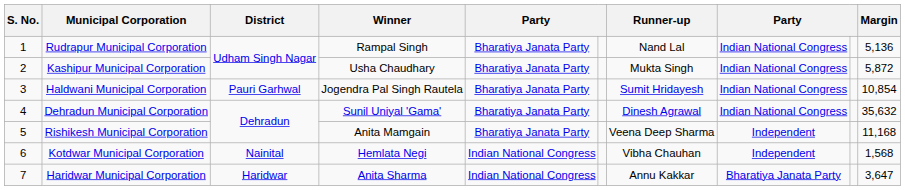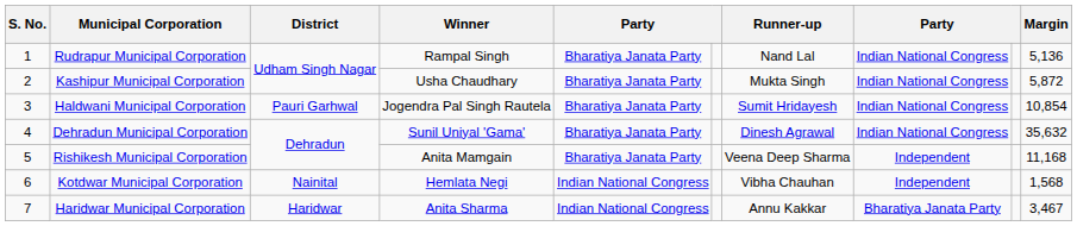 <table class="wikitable sortable">
 <tr style="text-align:center; height:45px;">
 <th scope="col">S. No.</th>
 <th>Municipal Corporation</th>
 <th>District</th>
 <th>Winner</th>
 <th colspan=2>Party</th>
 <th>Runner-up</th>
 <th colspan=2>Party</th>
 <th>Margin</th>
 </tr>
 <tr style="text-align:center; height:30px;">
 <td>1</td>
 <td><a href='#'>Rudrapur Municipal Corporation</a></td>
 <td rowspan="2"><a href='#'>Udham Singh Nagar</a></td>
 <td>Rampal Singh</td>
 <td><a href='#'>Bharatiya Janata Party</a></td>
 <td width="4px" style="background-color: "></td>
 <td>Nand Lal</td>
 <td><a href='#'>Indian National Congress</a></td>
 <td width="4px" style="background-color: "></td>
 <td>5,136</td>
 </tr>
 <tr style="text-align:center; height:30px;">
 <td>2</td>
 <td><a href='#'>Kashipur Municipal Corporation</a></td>
 <td>Usha Chaudhary</td>
 <td><a href='#'>Bharatiya Janata Party</a></td>
 <td width="4px" style="background-color: "></td>
 <td>Mukta Singh</td>
 <td><a href='#'>Indian National Congress</a></td>
 <td width="4px" style="background-color: "></td>
 <td>5,872</td>
 </tr>
 <tr style="text-align:center; height:30px;">
 <td>3</td>
 <td><a href='#'>Haldwani Municipal Corporation</a></td>
 <td><a href='#'>Pauri Garhwal</a></td>
 <td>Jogendra Pal Singh Rautela</td>
 <td><a href='#'>Bharatiya Janata Party</a></td>
 <td width="4px" style="background-color: "></td>
 <td><a href='#'>Sumit Hridayesh</a></td>
 <td><a href='#'>Indian National Congress</a></td>
 <td width="4px" style="background-color: "></td>
 <td>10,854</td>
 </tr>
 <tr style="text-align:center; height:30px;">
 <td>4</td>
 <td><a href='#'>Dehradun Municipal Corporation</a></td>
 <td rowspan="2"><a href='#'>Dehradun</a></td>
 <td><a href='#'>Sunil Uniyal 'Gama'</a></td>
 <td><a href='#'>Bharatiya Janata Party</a></td>
 <td width="4px" style="background-color: "></td>
 <td><a href='#'>Dinesh Agrawal</a></td>
 <td><a href='#'>Indian National Congress</a></td>
 <td width="4px" style="background-color: "></td>
 <td>35,632</td>
 </tr>
 <tr style="text-align:center; height:30px;">
 <td>5</td>
 <td><a href='#'>Rishikesh Municipal Corporation</a></td>
 <td>Anita Mamgain</td>
 <td><a href='#'>Bharatiya Janata Party</a></td>
 <td width="4px" style="background-color: "></td>
 <td>Veena Deep Sharma</td>
 <td><a href='#'>Independent</a></td>
 <td width="4px" style="background-color: "></td>
 <td>11,168</td>
 </tr>
 <tr style="text-align:center; height:30px;">
 <td>6</td>
 <td><a href='#'>Kotdwar Municipal Corporation</a></td>
 <td><a href='#'>Nainital</a></td>
 <td><a href='#'>Hemlata Negi</a></td>
 <td><a href='#'>Indian National Congress</a></td>
 <td width="4px" style="background-color: "></td>
 <td>Vibha Chauhan</td>
 <td><a href='#'>Independent</a></td>
 <td width="4px" style="background-color: "></td>
 <td>1,568</td>
 </tr>
 <tr style="text-align:center; height:30px;">
 <td>7</td>
 <td><a href='#'>Haridwar Municipal Corporation</a></td>
 <td><a href='#'>Haridwar</a></td>
 <td><a href='#'>Anita Sharma</a></td>
 <td><a href='#'>Indian National Congress</a></td>
 <td width="4px" style="background-color: "></td>
 <td>Annu Kakkar</td>
 <td><a href='#'>Bharatiya Janata Party</a></td>
 <td width="4px" style="background-color: "></td>
-<td>3,647</td>
+<td>3,467</td>
 </tr>
 </table>
